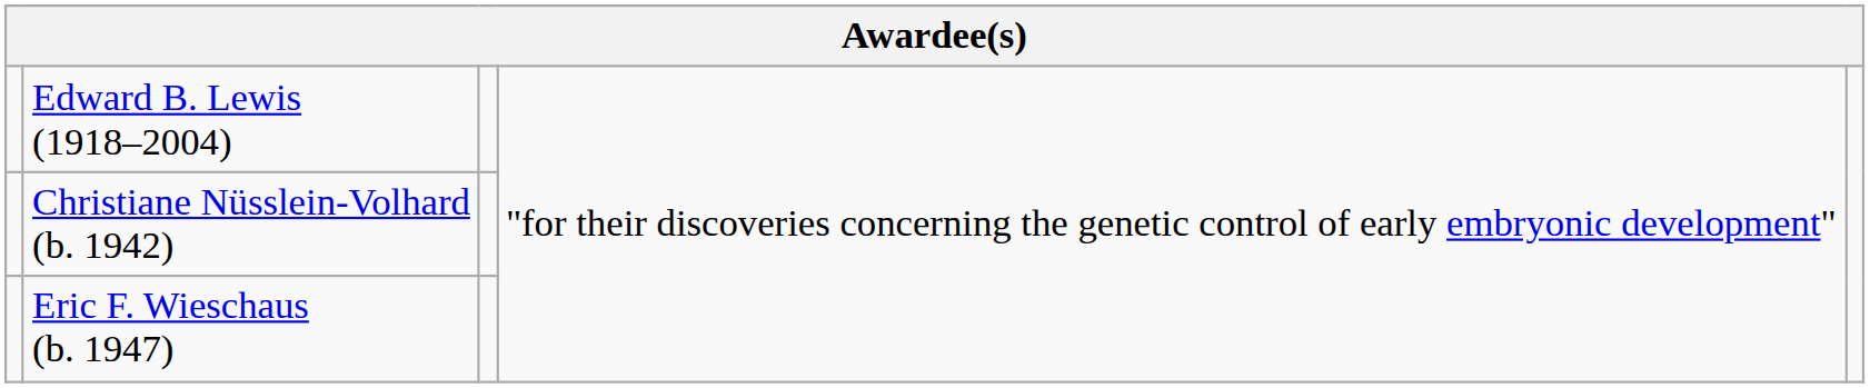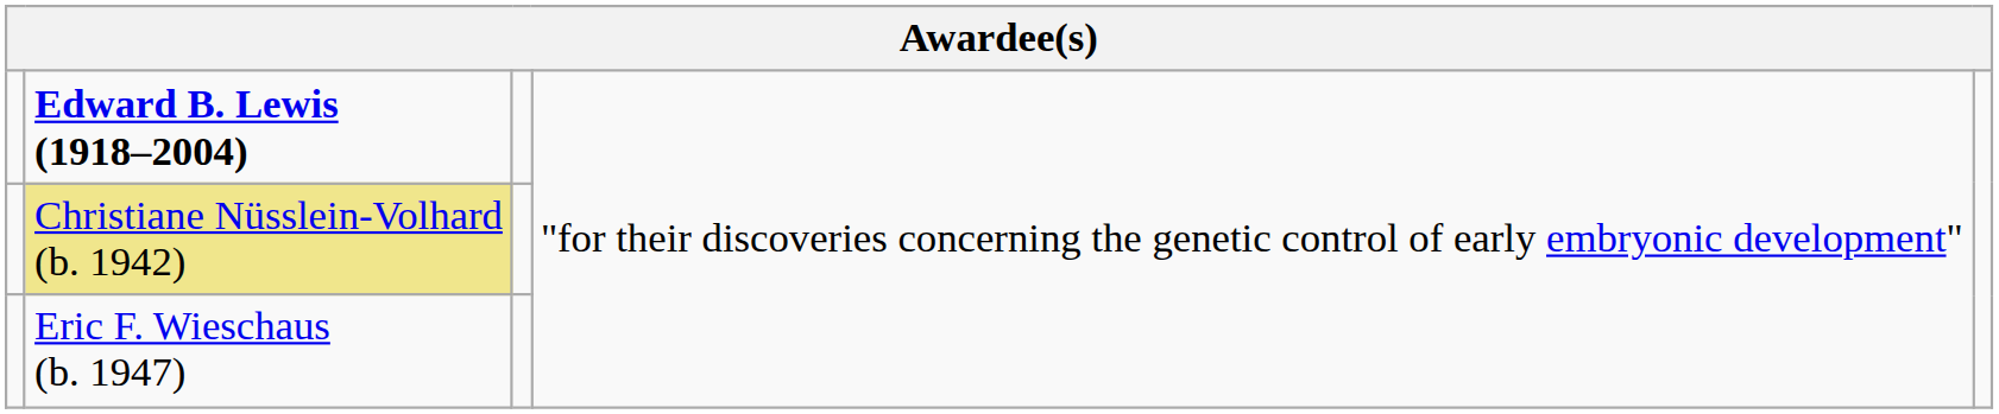 <table class="wikitable">
 <tr>
 <th colspan="5">Awardee(s)</th>
 </tr>
 <tr>
 <td></td>
-<td><a href='#'>Edward B. Lewis</a><br>(1918–2004)</td>
+<td><strong><a href='#'>Edward B. Lewis</a><br>(1918–2004)</strong></td>
 <td></td>
 <td rowspan="3">"for their discoveries concerning the genetic control of early <a href='#'>embryonic development</a>"</td>
 <td rowspan="3"></td>
 </tr>
 <tr>
 <td></td>
-<td><a href='#'>Christiane Nüsslein-Volhard</a><br>(b. 1942)</td>
+<td style="background: khaki;"><a href='#'>Christiane Nüsslein-Volhard</a><br>(b. 1942)</td>
 <td></td>
 </tr>
 <tr>
 <td></td>
 <td><a href='#'>Eric F. Wieschaus</a><br>(b. 1947)</td>
 <td></td>
 </tr>
 </table>
